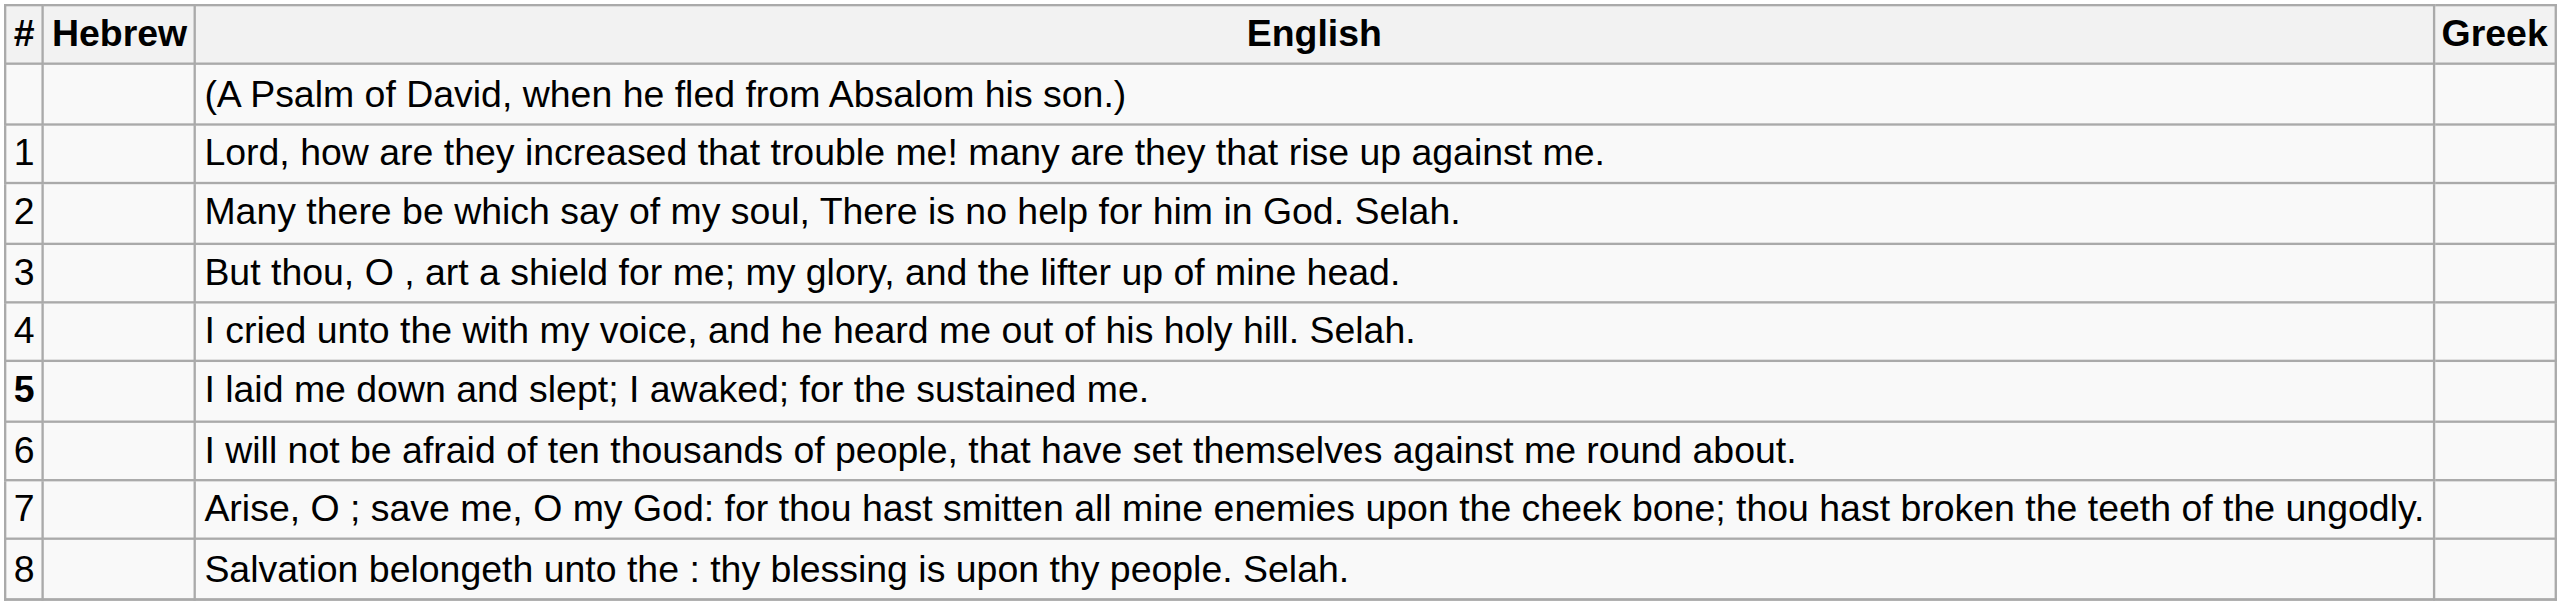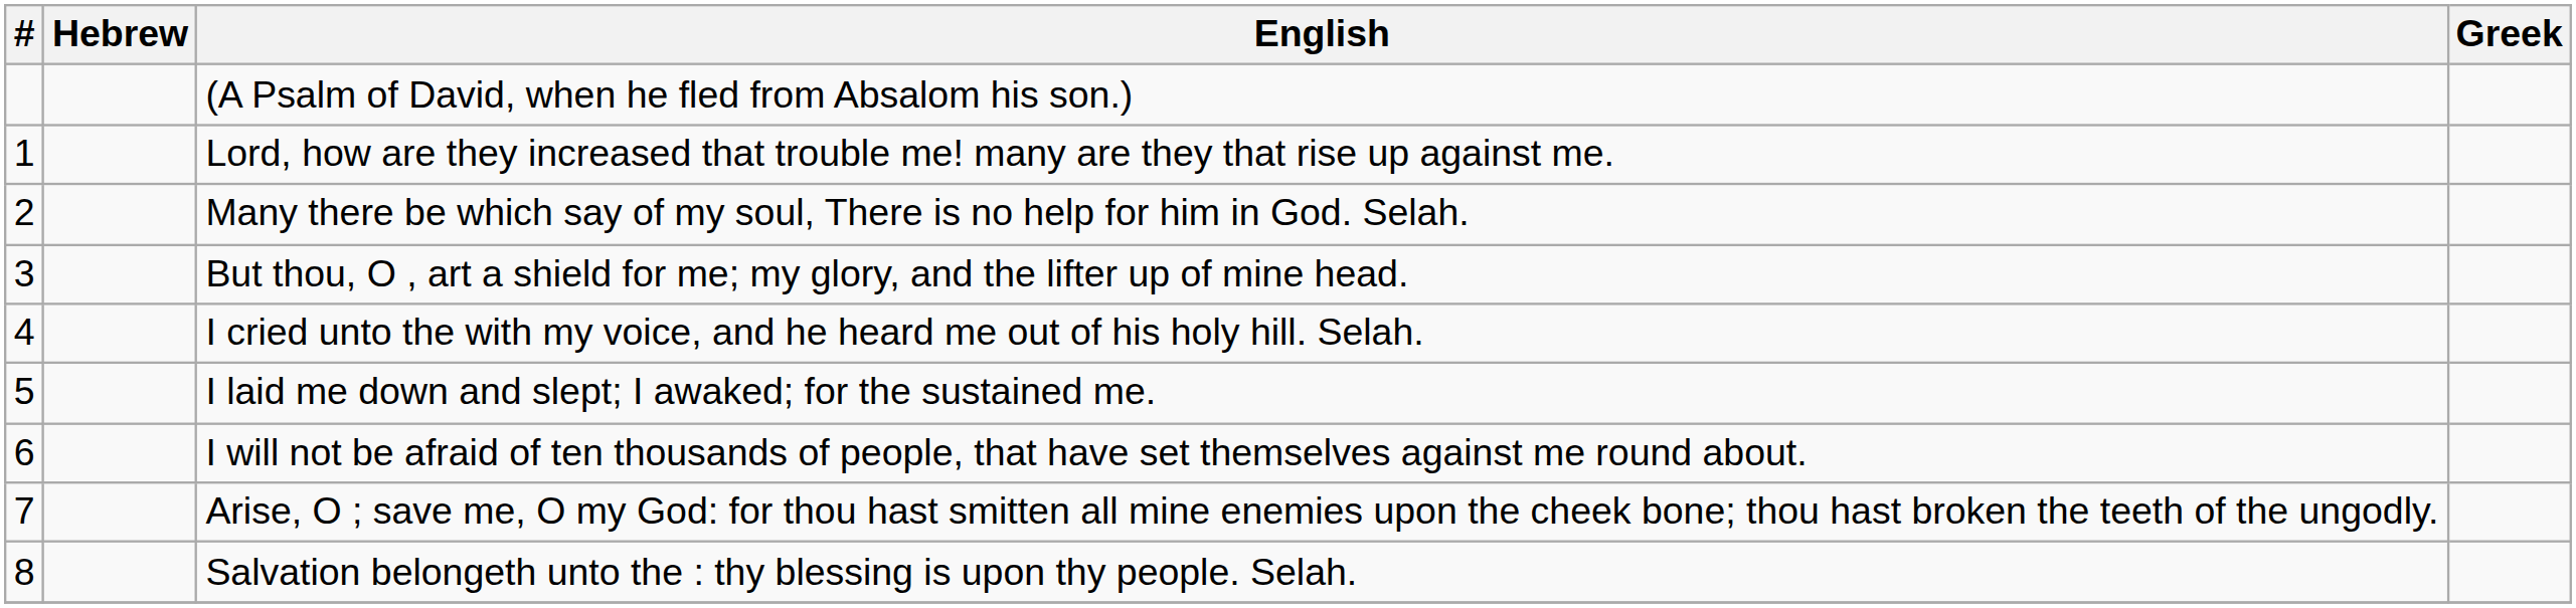 <table class=wikitable>
 <tr>
 <th>#</th>
 <th>Hebrew</th>
 <th>English</th>
 <th>Greek</th>
 </tr>
 <tr>
 <td style="text-align:right"></td>
 <td style="text-align:right"></td>
 <td>(A Psalm of David, when he fled from Absalom his son.)</td>
 <td></td>
 </tr>
 <tr>
 <td style="text-align:right">1</td>
 <td style="text-align:right"></td>
 <td>Lord, how are they increased that trouble me! many are they that rise up against me.</td>
 <td></td>
 </tr>
 <tr>
 <td style="text-align:right">2</td>
 <td style="text-align:right"></td>
 <td>Many there be which say of my soul, There is no help for him in God. Selah.</td>
 <td></td>
 </tr>
 <tr>
 <td style="text-align:right">3</td>
 <td style="text-align:right"></td>
 <td>But thou, O , art a shield for me; my glory, and the lifter up of mine head.</td>
 <td></td>
 </tr>
 <tr>
 <td style="text-align:right">4</td>
 <td style="text-align:right"></td>
 <td>I cried unto the  with my voice, and he heard me out of his holy hill. Selah.</td>
 <td></td>
 </tr>
 <tr>
-<td style="text-align:right"><strong>5</strong></td>
+<td style="text-align:right">5</td>
 <td style="text-align:right"></td>
 <td>I laid me down and slept; I awaked; for the  sustained me.</td>
 <td></td>
 </tr>
 <tr>
 <td style="text-align:right">6</td>
 <td style="text-align:right"></td>
 <td>I will not be afraid of ten thousands of people, that have set themselves against me round about.</td>
 <td></td>
 </tr>
 <tr>
 <td style="text-align:right">7</td>
 <td style="text-align:right"></td>
 <td>Arise, O ; save me, O my God: for thou hast smitten all mine enemies upon the cheek bone; thou hast broken the teeth of the ungodly.</td>
 <td></td>
 </tr>
 <tr>
 <td style="text-align:right">8</td>
 <td style="text-align:right"></td>
 <td>Salvation belongeth unto the : thy blessing is upon thy people. Selah.</td>
 <td></td>
 </tr>
 <tr>
 </tr>
 </table>
